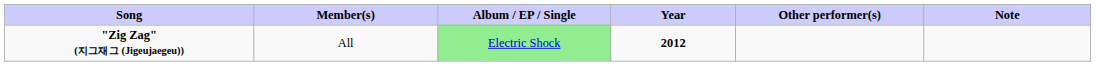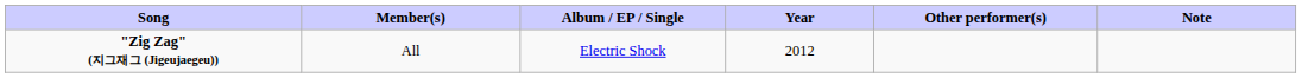 <table class="wikitable" style="margin:0.5em auto; clear:both; font-size:.9em; text-align:center; width:100%">
 <tr>
 <th width="500" style="background: #CCCCFF;">Song</th>
 <th width="350" style="background: #CCCCFF;">Member(s)</th>
 <th width="350" style="background: #CCCCFF;">Album / EP / Single</th>
 <th width="250" style="background: #CCCCFF;">Year</th>
 <th width="350" style="background: #CCCCFF;">Other performer(s)</th>
 <th width="350" style="background: #CCCCFF;">Note</th>
 </tr>
 <tr>
 <td><strong>"Zig Zag" <br><small>(지그재그 (Jigeujaegeu))</small></strong></td>
 <td>All</td>
-<td style="background: lightgreen;"><a href='#'>Electric Shock</a></td>
-<td><strong>2012</strong></td>
+<td><a href='#'>Electric Shock</a></td>
+<td>2012</td>
 <td></td>
 <td></td>
 </tr>
 </table>
